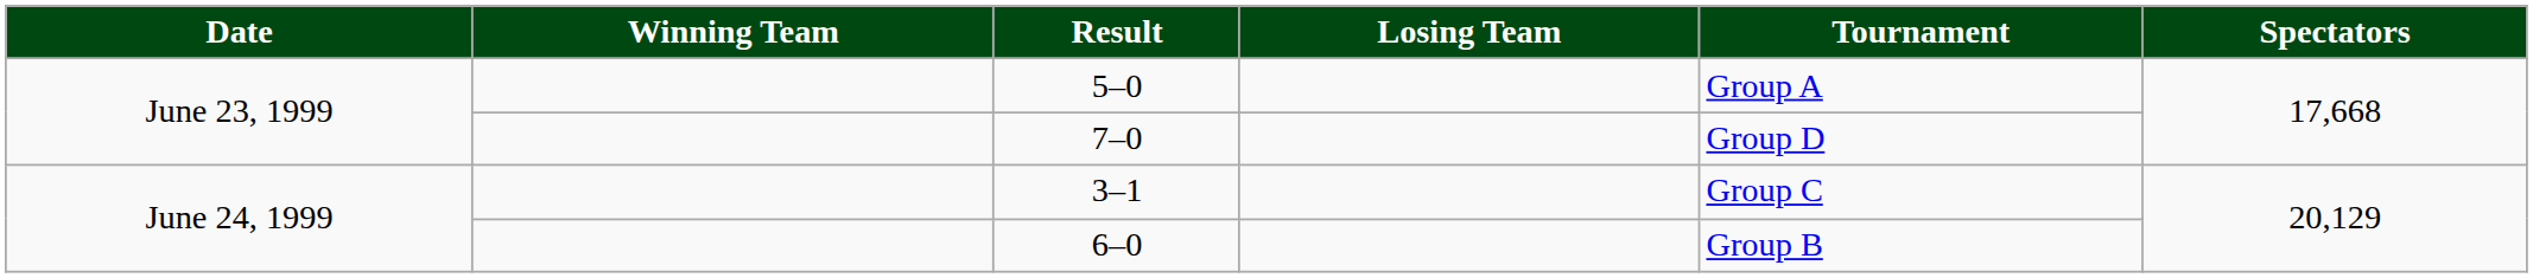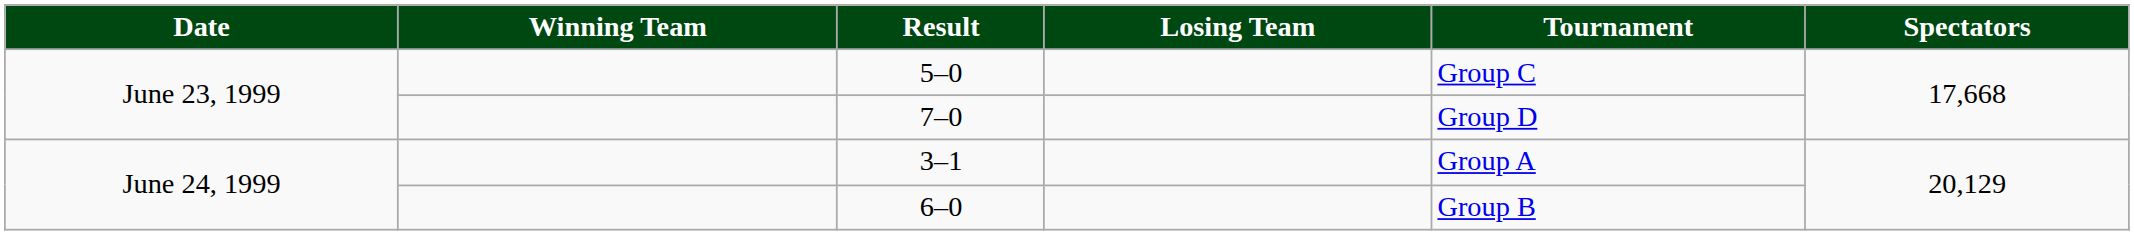 <table class="wikitable" style="text-align:left; width:95%;" style="text-align:center">
 <tr>
 <th style="text-align:center; background:#004812; color:#FFFFFF; ">Date</th>
 <th style="text-align:center; background:#004812; color:#FFFFFF; ">Winning Team</th>
 <th style="text-align:center; background:#004812; color:#FFFFFF; ">Result</th>
 <th style="text-align:center; background:#004812; color:#FFFFFF; ">Losing Team</th>
 <th style="text-align:center; background:#004812; color:#FFFFFF; ">Tournament</th>
 <th style="text-align:center; background:#004812; color:#FFFFFF; ">Spectators</th>
 </tr>
 <tr>
 <td style="text-align:center;" rowspan=2>June 23, 1999</td>
 <td><strong> </strong></td>
 <td style="text-align:center;">5–0</td>
 <td></td>
-<td><a href='#'>Group A</a></td>
+<td><a href='#'>Group C</a></td>
 <td style="text-align:center;" rowspan=2>17,668</td>
 </tr>
 <tr>
 <td><strong> </strong></td>
 <td style="text-align:center;">7–0</td>
 <td></td>
 <td><a href='#'>Group D</a></td>
 </tr>
 <tr>
 <td style="text-align:center;" rowspan=2>June 24, 1999</td>
 <td><strong> </strong></td>
 <td style="text-align:center;">3–1</td>
 <td></td>
-<td><a href='#'>Group C</a></td>
+<td><a href='#'>Group A</a></td>
 <td style="text-align:center;" rowspan=2>20,129</td>
 </tr>
 <tr>
 <td><strong> </strong></td>
 <td style="text-align:center;">6–0</td>
 <td></td>
 <td><a href='#'>Group B</a></td>
 </tr>
 </table>
